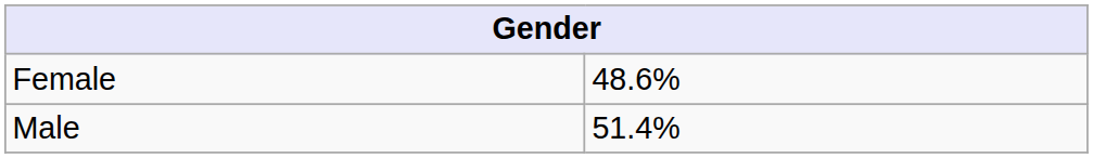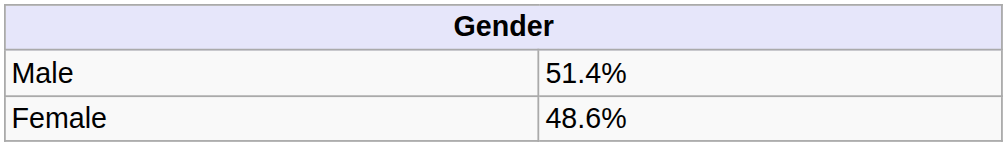 <table class="wikitable">
 <tr>
 <th colspan=2 style="background:Lavender; color: black; width: 550px; height: 10px; align:left">Gender</th>
 </tr>
 <tr>
+<td>Male</td>
+<td>51.4%</td>
+</tr>
+<tr>
 <td>Female</td>
 <td>48.6%</td>
 </tr>
-<tr>
-<td>Male</td>
-<td>51.4%</td>
-</tr>
 </table>
